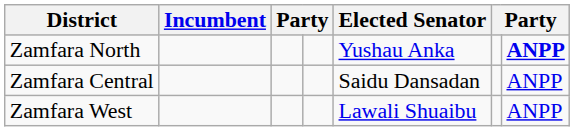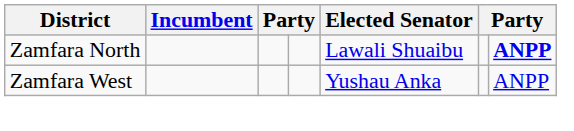 <table class="sortable wikitable" style="font-size:95%;line-height:14px;">
 <tr>
 <th class="unsortable">District</th>
 <th class="unsortable"><a href='#'>Incumbent</a></th>
 <th colspan="2">Party</th>
 <th class="unsortable">Elected Senator</th>
 <th colspan="2">Party</th>
 </tr>
 <tr>
 <td>Zamfara North</td>
 <td></td>
 <td></td>
 <td></td>
-<td><a href='#'>Yushau Anka</a></td>
+<td><a href='#'>Lawali Shuaibu</a></td>
 <td style="background:"></td>
 <td><strong><a href='#'>ANPP</a></strong></td>
-</tr>
-<tr>
-<td>Zamfara Central</td>
-<td></td>
-<td></td>
-<td></td>
-<td>Saidu Dansadan</td>
-<td style="background:"></td>
-<td><a href='#'>ANPP</a></td>
 </tr>
 <tr>
 <td>Zamfara West</td>
 <td></td>
 <td></td>
 <td></td>
-<td><a href='#'>Lawali Shuaibu</a></td>
+<td><a href='#'>Yushau Anka</a></td>
 <td style="background:"></td>
 <td><a href='#'>ANPP</a></td>
 </tr>
 </table>
